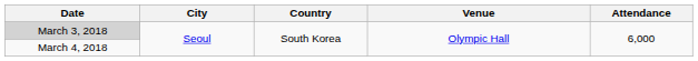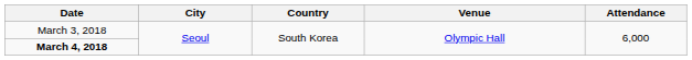 <table class="wikitable" style="text-align:center;">
 <tr>
 <th scope="col" style="width:12em">Date</th>
 <th scope="col" style="width:10em">City</th>
 <th scope="col" style="width:10em">Country</th>
 <th scope="col" style="width:20em">Venue</th>
 <th scope="col" style="width:9em">Attendance</th>
 </tr>
 <tr>
-<td style="background: lightgrey;">March 3, 2018</td>
+<td>March 3, 2018</td>
 <td rowspan=2><a href='#'>Seoul</a></td>
 <td rowspan=2>South Korea</td>
 <td rowspan=2><a href='#'>Olympic Hall</a></td>
 <td rowspan=2>6,000</td>
 </tr>
 <tr>
-<td>March 4, 2018</td>
+<td><strong>March 4, 2018</strong></td>
 </tr>
 </table>
